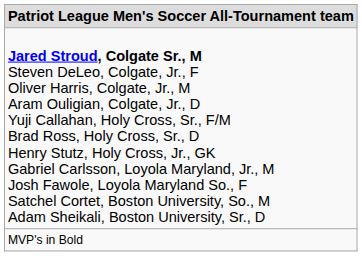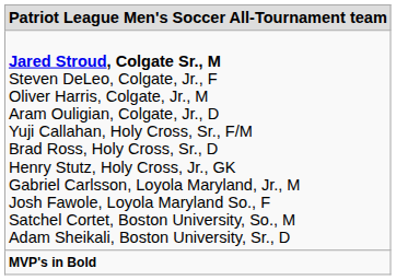 <table class="wikitable" style="white-space:nowrap; font-size:90%;">
 <tr>
 <td colspan="7" style="text-align:center; background:#ddd;"><strong>Patriot League Men's Soccer All-Tournament team</strong></td>
 </tr>
 <tr>
 <td><br><strong><a href='#'>Jared Stroud</a>, Colgate Sr., M</strong><br> Steven DeLeo, Colgate, Jr., F<br> Oliver Harris, Colgate, Jr., M<br> Aram Ouligian, Colgate, Jr., D<br> Yuji Callahan, Holy Cross, Sr., F/M<br> Brad Ross, Holy Cross, Sr., D<br> Henry Stutz, Holy Cross, Jr., GK<br> Gabriel Carlsson, Loyola Maryland, Jr., M<br> Josh Fawole, Loyola Maryland So., F<br> Satchel Cortet, Boston University, So., M<br> Adam Sheikali, Boston University, Sr., D</td>
 </tr>
 <tr>
-<td><small>MVP's in Bold</small></td>
+<td><strong><small>MVP's in Bold</small></strong></td>
 </tr>
 </table>
